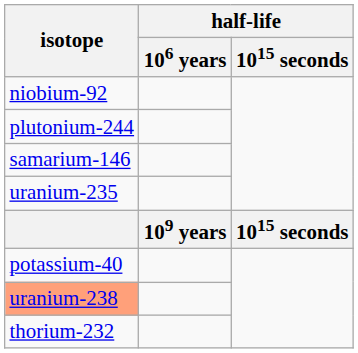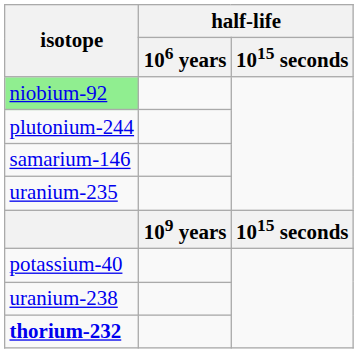 <table class="wikitable sortable">
 <tr>
 <th rowspan=2>isotope</th>
 <th colspan=2>half-life</th>
 </tr>
 <tr>
 <th class=unsortable>10<sup>6</sup> years</th>
 <th class=unsortable>10<sup>15</sup> seconds</th>
 </tr>
 <tr>
-<td><a href='#'>niobium-92</a></td>
+<td style="background: lightgreen;"><a href='#'>niobium-92</a></td>
 <td></td>
 </tr>
 <tr>
 <td><a href='#'>plutonium-244</a></td>
 <td></td>
 </tr>
 <tr>
 <td><a href='#'>samarium-146</a></td>
 <td></td>
 </tr>
 <tr>
 <td><a href='#'>uranium-235</a></td>
 <td></td>
 </tr>
 <tr>
 <th></th>
 <th class=unsortable>10<sup>9</sup> years</th>
 <th class=unsortable>10<sup>15</sup> seconds</th>
 </tr>
 <tr>
 <td><a href='#'>potassium-40</a></td>
 <td></td>
 </tr>
 <tr>
-<td style="background: lightsalmon;"><a href='#'>uranium-238</a></td>
+<td><a href='#'>uranium-238</a></td>
 <td></td>
 </tr>
 <tr>
-<td><a href='#'>thorium-232</a></td>
+<td><strong><a href='#'>thorium-232</a></strong></td>
 <td></td>
 </tr>
 </table>
